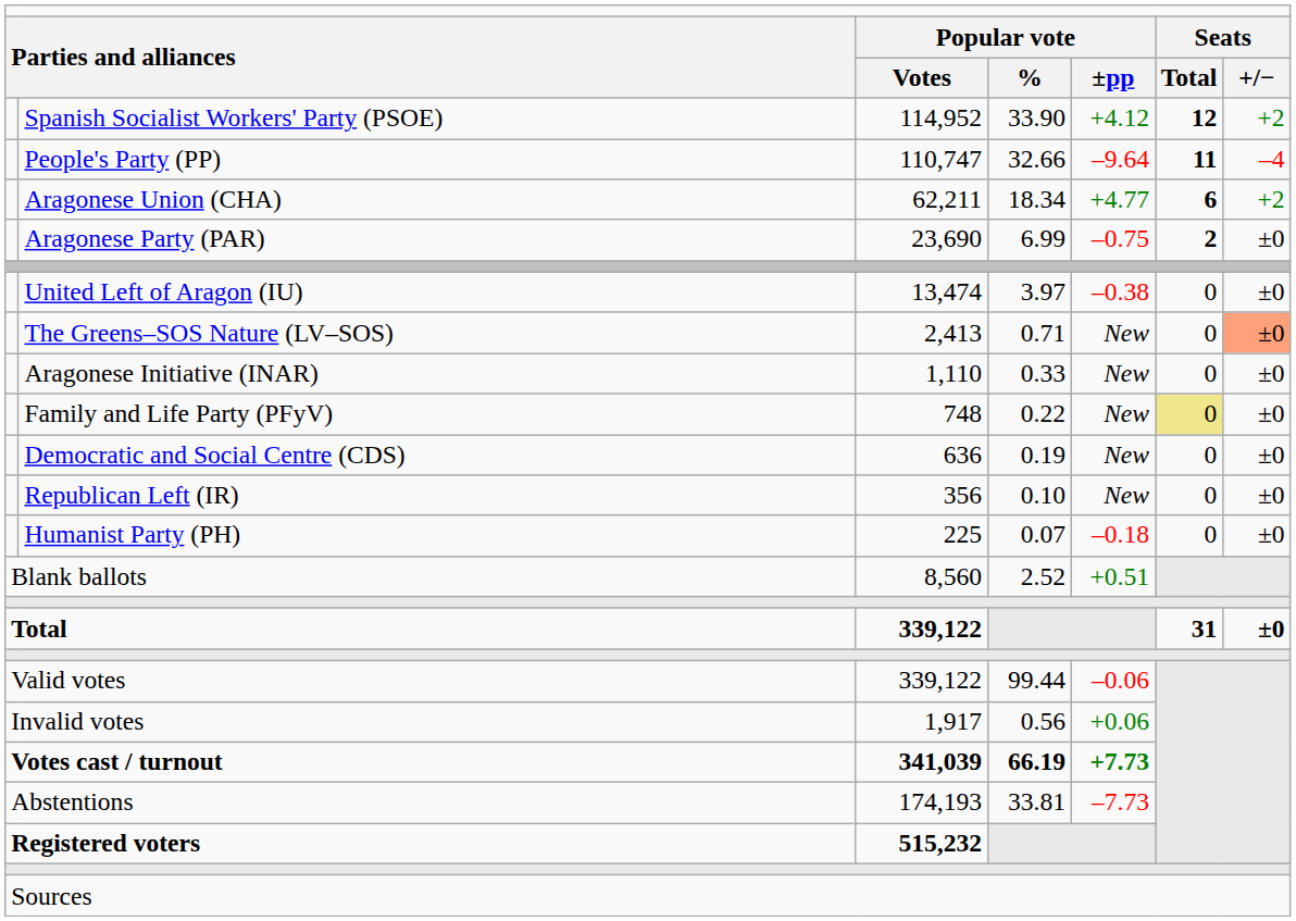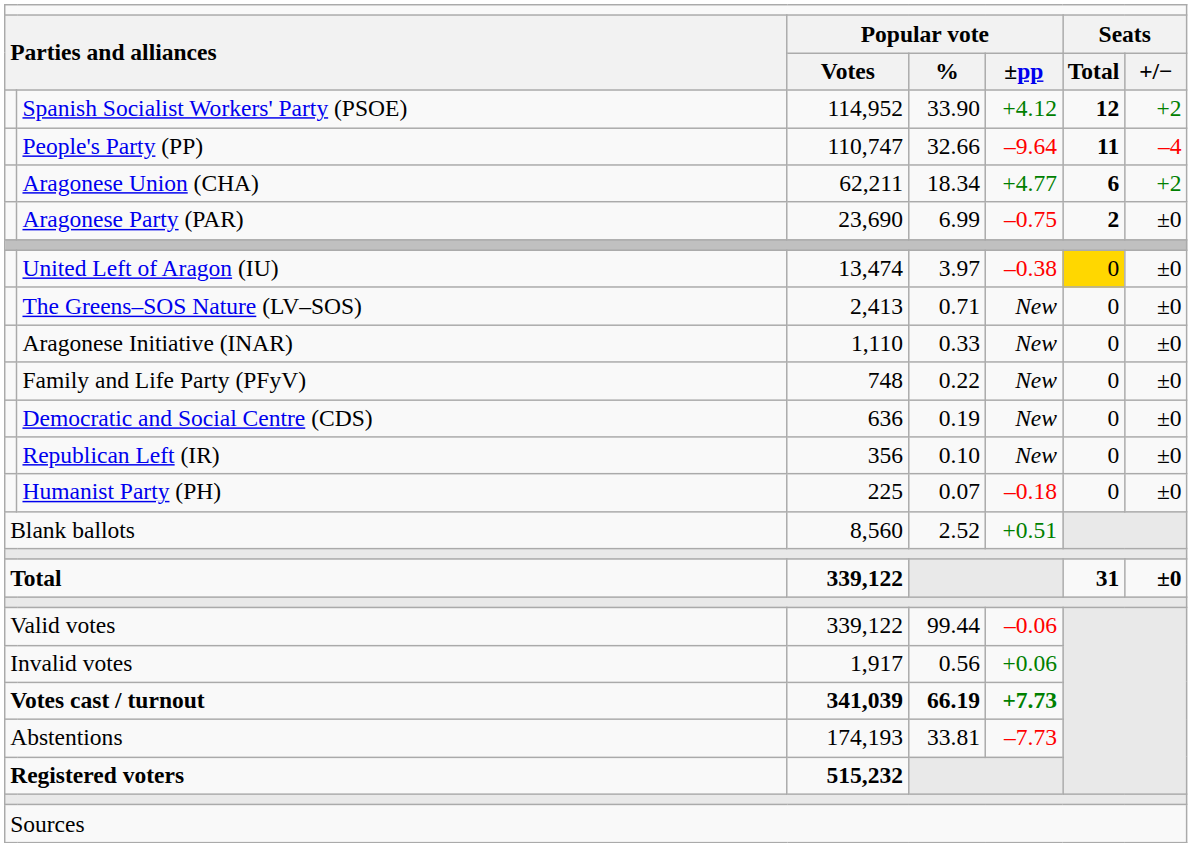 <table class="wikitable" style="text-align:right;">
 <tr>
 <td colspan="7"></td>
 </tr>
 <tr>
 <th style="text-align:left;" rowspan="2" colspan="2" width="525">Parties and alliances</th>
 <th colspan="3">Popular vote</th>
 <th colspan="2">Seats</th>
 </tr>
 <tr>
 <th width="75">Votes</th>
 <th width="45">%</th>
 <th width="45">±<a href='#'>pp</a></th>
 <th width="35">Total</th>
 <th width="35">+/−</th>
 </tr>
 <tr>
 <td width="1" style="color:inherit;background:"></td>
 <td align="left"><a href='#'>Spanish Socialist Workers' Party</a> (PSOE)</td>
 <td>114,952</td>
 <td>33.90</td>
 <td style="color:green;">+4.12</td>
 <td><strong>12</strong></td>
 <td style="color:green;">+2</td>
 </tr>
 <tr>
 <td style="color:inherit;background:"></td>
 <td align="left"><a href='#'>People's Party</a> (PP)</td>
 <td>110,747</td>
 <td>32.66</td>
 <td style="color:red;">–9.64</td>
 <td><strong>11</strong></td>
 <td style="color:red;">–4</td>
 </tr>
 <tr>
 <td style="color:inherit;background:"></td>
 <td align="left"><a href='#'>Aragonese Union</a> (CHA)</td>
 <td>62,211</td>
 <td>18.34</td>
 <td style="color:green;">+4.77</td>
 <td><strong>6</strong></td>
 <td style="color:green;">+2</td>
 </tr>
 <tr>
 <td style="color:inherit;background:"></td>
 <td align="left"><a href='#'>Aragonese Party</a> (PAR)</td>
 <td>23,690</td>
 <td>6.99</td>
 <td style="color:red;">–0.75</td>
 <td><strong>2</strong></td>
 <td>±0</td>
 </tr>
 <tr>
 <td colspan="7" bgcolor="#C0C0C0"></td>
 </tr>
 <tr>
 <td style="color:inherit;background:"></td>
 <td align="left"><a href='#'>United Left of Aragon</a> (IU)</td>
 <td>13,474</td>
 <td>3.97</td>
 <td style="color:red;">–0.38</td>
-<td>0</td>
+<td style="background: gold;">0</td>
 <td>±0</td>
 </tr>
 <tr>
 <td style="color:inherit;background:"></td>
 <td align="left"><a href='#'>The Greens–SOS Nature</a> (LV–SOS)</td>
 <td>2,413</td>
 <td>0.71</td>
 <td><em>New</em></td>
 <td>0</td>
-<td style="background: lightsalmon;">±0</td>
+<td>±0</td>
 </tr>
 <tr>
 <td style="color:inherit;background:"></td>
 <td align="left">Aragonese Initiative (INAR)</td>
 <td>1,110</td>
 <td>0.33</td>
 <td><em>New</em></td>
 <td>0</td>
 <td>±0</td>
 </tr>
 <tr>
 <td style="color:inherit;background:"></td>
 <td align="left">Family and Life Party (PFyV)</td>
 <td>748</td>
 <td>0.22</td>
 <td><em>New</em></td>
-<td style="background: khaki;">0</td>
+<td>0</td>
 <td>±0</td>
 </tr>
 <tr>
 <td style="color:inherit;background:"></td>
 <td align="left"><a href='#'>Democratic and Social Centre</a> (CDS)</td>
 <td>636</td>
 <td>0.19</td>
 <td><em>New</em></td>
 <td>0</td>
 <td>±0</td>
 </tr>
 <tr>
 <td style="color:inherit;background:"></td>
 <td align="left"><a href='#'>Republican Left</a> (IR)</td>
 <td>356</td>
 <td>0.10</td>
 <td><em>New</em></td>
 <td>0</td>
 <td>±0</td>
 </tr>
 <tr>
 <td style="color:inherit;background:"></td>
 <td align="left"><a href='#'>Humanist Party</a> (PH)</td>
 <td>225</td>
 <td>0.07</td>
 <td style="color:red;">–0.18</td>
 <td>0</td>
 <td>±0</td>
 </tr>
 <tr>
 <td align="left" colspan="2">Blank ballots</td>
 <td>8,560</td>
 <td>2.52</td>
 <td style="color:green;">+0.51</td>
 <td bgcolor="#E9E9E9" colspan="2"></td>
 </tr>
 <tr>
 <td colspan="7" bgcolor="#E9E9E9"></td>
 </tr>
 <tr style="font-weight:bold;">
 <td align="left" colspan="2">Total</td>
 <td>339,122</td>
 <td bgcolor="#E9E9E9" colspan="2"></td>
 <td>31</td>
 <td>±0</td>
 </tr>
 <tr>
 <td colspan="7" bgcolor="#E9E9E9"></td>
 </tr>
 <tr>
 <td align="left" colspan="2">Valid votes</td>
 <td>339,122</td>
 <td>99.44</td>
 <td style="color:red;">–0.06</td>
 <td bgcolor="#E9E9E9" colspan="2" rowspan="5"></td>
 </tr>
 <tr>
 <td align="left" colspan="2">Invalid votes</td>
 <td>1,917</td>
 <td>0.56</td>
 <td style="color:green;">+0.06</td>
 </tr>
 <tr style="font-weight:bold;">
 <td align="left" colspan="2">Votes cast / turnout</td>
 <td>341,039</td>
 <td>66.19</td>
 <td style="color:green;">+7.73</td>
 </tr>
 <tr>
 <td align="left" colspan="2">Abstentions</td>
 <td>174,193</td>
 <td>33.81</td>
 <td style="color:red;">–7.73</td>
 </tr>
 <tr style="font-weight:bold;">
 <td align="left" colspan="2">Registered voters</td>
 <td>515,232</td>
 <td bgcolor="#E9E9E9" colspan="2"></td>
 </tr>
 <tr>
 <td colspan="7" bgcolor="#E9E9E9"></td>
 </tr>
 <tr>
 <td align="left" colspan="7">Sources</td>
 </tr>
 </table>
